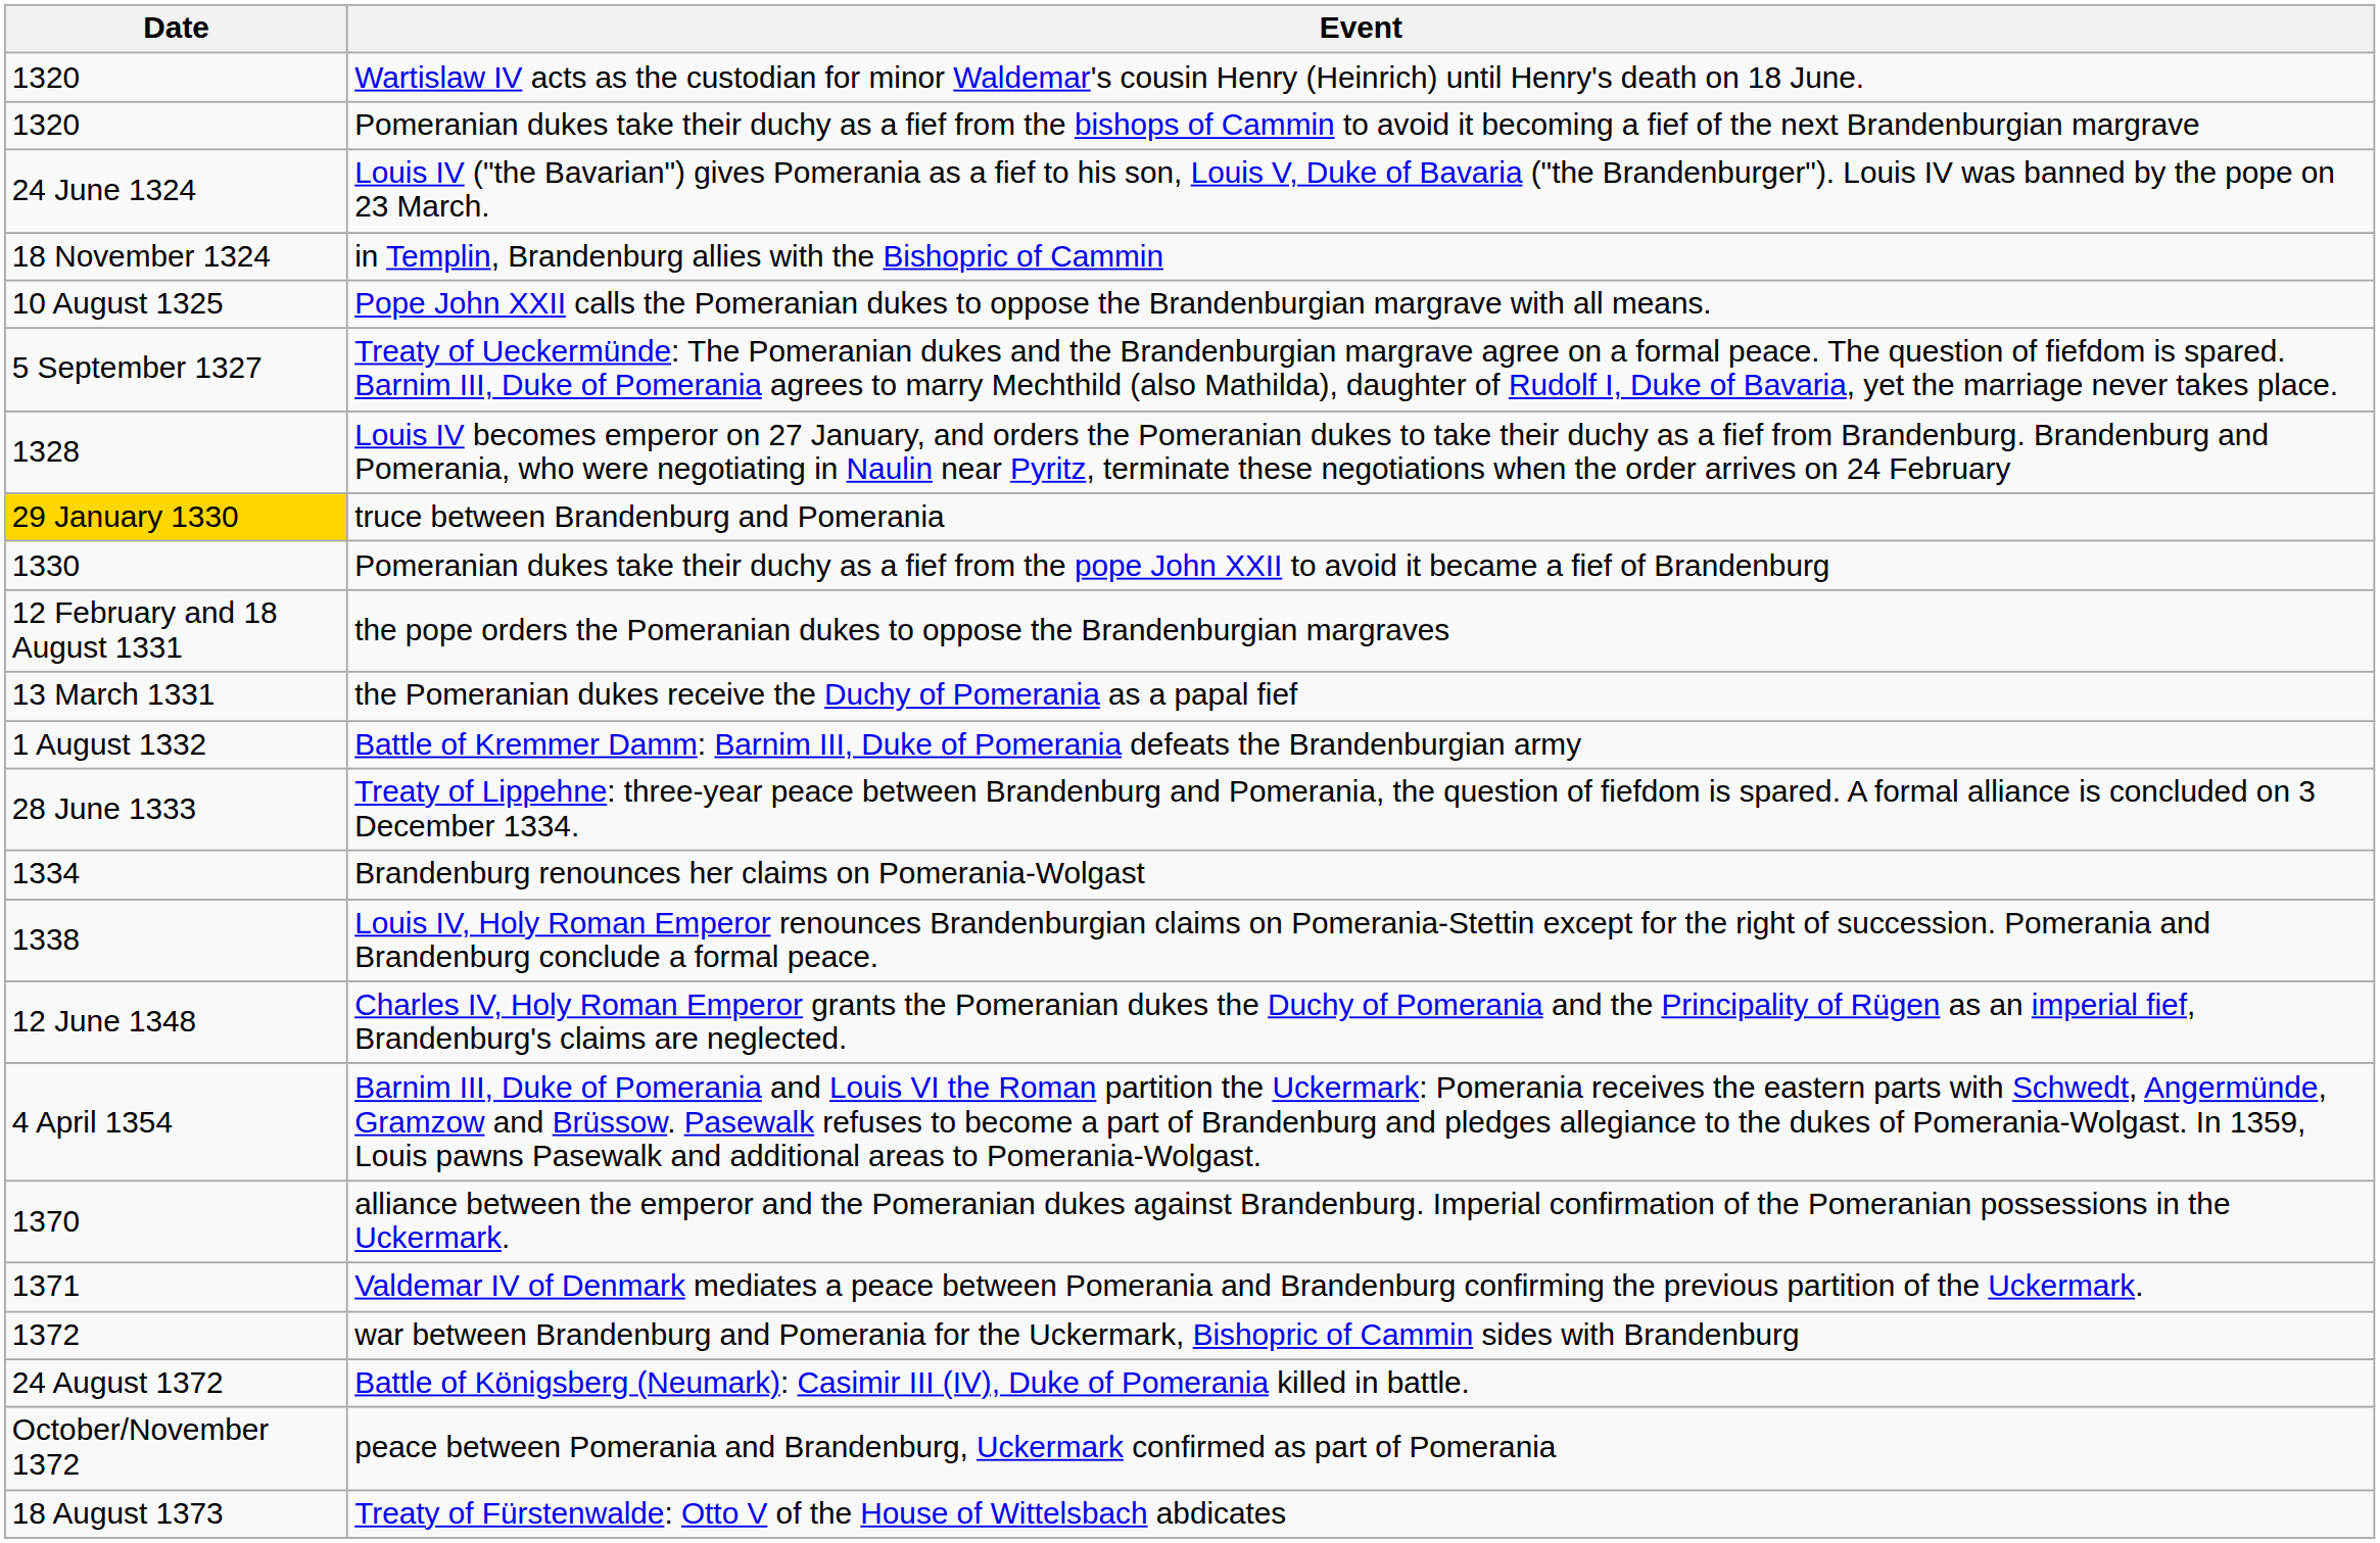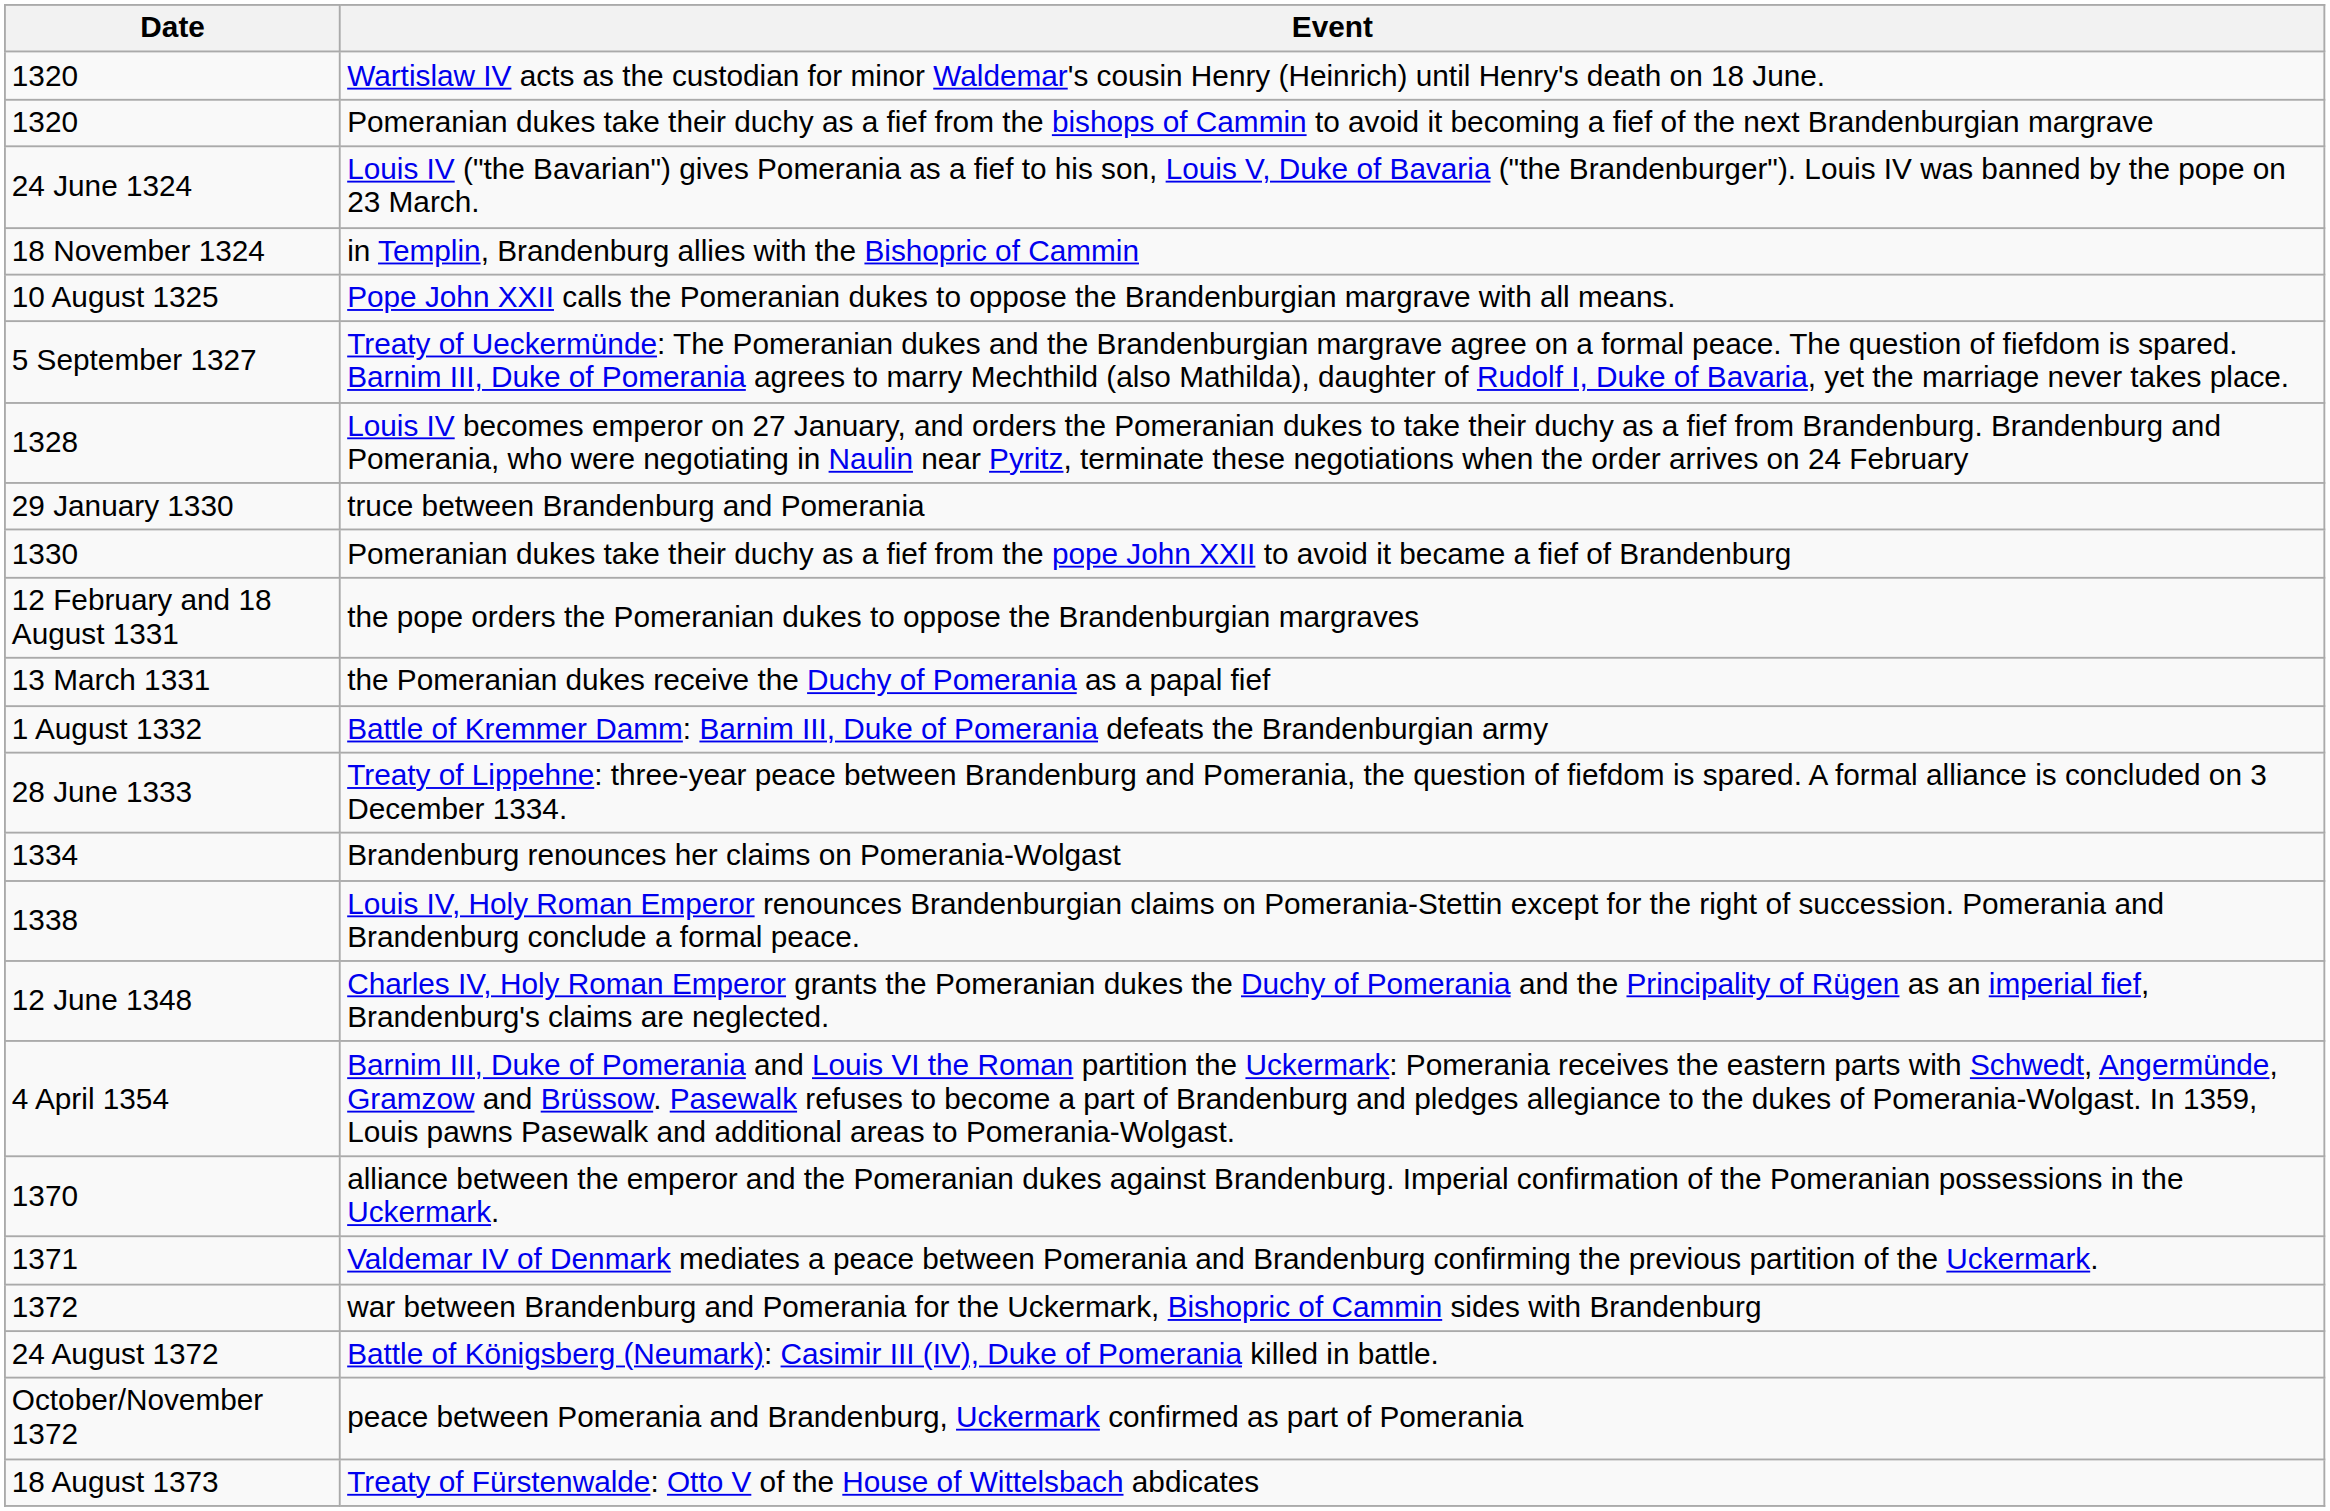 <table class=wikitable>
 <tr>
 <th>Date</th>
 <th>Event</th>
 </tr>
 <tr>
 <td>1320</td>
 <td><a href='#'>Wartislaw IV</a> acts as the custodian for minor <a href='#'>Waldemar</a>'s cousin Henry (Heinrich) until Henry's death on 18 June.</td>
 </tr>
 <tr>
 <td>1320</td>
 <td>Pomeranian dukes take their duchy as a fief from the <a href='#'>bishops of Cammin</a> to avoid it becoming a fief of the next Brandenburgian margrave</td>
 </tr>
 <tr>
 <td>24 June 1324</td>
 <td><a href='#'>Louis IV</a> ("the Bavarian") gives Pomerania as a fief to his son, <a href='#'>Louis V, Duke of Bavaria</a> ("the Brandenburger"). Louis IV was banned by the pope on 23 March.</td>
 </tr>
 <tr>
 <td>18 November 1324</td>
 <td>in <a href='#'>Templin</a>, Brandenburg allies with the <a href='#'>Bishopric of Cammin</a></td>
 </tr>
 <tr>
 <td>10 August 1325</td>
 <td><a href='#'>Pope John XXII</a> calls the Pomeranian dukes to oppose the Brandenburgian margrave with all means.</td>
 </tr>
 <tr>
 <td>5 September 1327</td>
 <td><a href='#'>Treaty of Ueckermünde</a>: The Pomeranian dukes and the Brandenburgian margrave agree on a formal peace. The question of fiefdom is spared. <a href='#'>Barnim III, Duke of Pomerania</a> agrees to marry Mechthild (also Mathilda), daughter of <a href='#'>Rudolf I, Duke of Bavaria</a>, yet the marriage never takes place.</td>
 </tr>
 <tr>
 <td>1328</td>
 <td><a href='#'>Louis IV</a> becomes emperor on 27 January, and orders the Pomeranian dukes to take their duchy as a fief from Brandenburg. Brandenburg and Pomerania, who were negotiating in <a href='#'>Naulin</a> near <a href='#'>Pyritz</a>, terminate these negotiations when the order arrives on 24 February</td>
 </tr>
 <tr>
-<td style="background: gold;">29 January 1330</td>
+<td>29 January 1330</td>
 <td>truce between Brandenburg and Pomerania</td>
 </tr>
 <tr>
 <td>1330</td>
 <td>Pomeranian dukes take their duchy as a fief from the <a href='#'>pope John XXII</a> to avoid it became a fief of Brandenburg</td>
 </tr>
 <tr>
 <td>12 February and 18 August 1331</td>
 <td>the pope orders the Pomeranian dukes to oppose the Brandenburgian margraves</td>
 </tr>
 <tr>
 <td>13 March 1331</td>
 <td>the Pomeranian dukes receive the <a href='#'>Duchy of Pomerania</a> as a papal fief</td>
 </tr>
 <tr>
 <td>1 August 1332</td>
 <td><a href='#'>Battle of Kremmer Damm</a>: <a href='#'>Barnim III, Duke of Pomerania</a> defeats the Brandenburgian army</td>
 </tr>
 <tr>
 <td>28 June 1333</td>
 <td><a href='#'>Treaty of Lippehne</a>: three-year peace between Brandenburg and Pomerania, the question of fiefdom is spared. A formal alliance is concluded on 3 December 1334.</td>
 </tr>
 <tr>
 <td>1334</td>
 <td>Brandenburg renounces her claims on Pomerania-Wolgast</td>
 </tr>
 <tr>
 <td>1338</td>
 <td><a href='#'>Louis IV, Holy Roman Emperor</a> renounces Brandenburgian claims on Pomerania-Stettin except for the right of succession. Pomerania and Brandenburg conclude a formal peace.</td>
 </tr>
 <tr>
 <td>12 June 1348</td>
 <td><a href='#'>Charles IV, Holy Roman Emperor</a> grants the Pomeranian dukes the <a href='#'>Duchy of Pomerania</a> and the <a href='#'>Principality of Rügen</a> as an <a href='#'>imperial fief</a>, Brandenburg's claims are neglected.</td>
 </tr>
 <tr>
 <td>4 April 1354</td>
 <td><a href='#'>Barnim III, Duke of Pomerania</a> and <a href='#'>Louis VI the Roman</a> partition the <a href='#'>Uckermark</a>: Pomerania receives the eastern parts with <a href='#'>Schwedt</a>, <a href='#'>Angermünde</a>, <a href='#'>Gramzow</a> and <a href='#'>Brüssow</a>. <a href='#'>Pasewalk</a> refuses to become a part of Brandenburg and pledges allegiance to the dukes of Pomerania-Wolgast. In 1359, Louis pawns Pasewalk and additional areas to Pomerania-Wolgast.</td>
 </tr>
 <tr>
 <td>1370</td>
 <td>alliance between the emperor and the Pomeranian dukes against Brandenburg. Imperial confirmation of the Pomeranian possessions in the <a href='#'>Uckermark</a>.</td>
 </tr>
 <tr>
 <td>1371</td>
 <td><a href='#'>Valdemar IV of Denmark</a> mediates a peace between Pomerania and Brandenburg confirming the previous partition of the <a href='#'>Uckermark</a>.</td>
 </tr>
 <tr>
 <td>1372</td>
 <td>war between Brandenburg and Pomerania for the Uckermark, <a href='#'>Bishopric of Cammin</a> sides with Brandenburg</td>
 </tr>
 <tr>
 <td>24 August 1372</td>
 <td><a href='#'>Battle of Königsberg (Neumark)</a>: <a href='#'>Casimir III (IV), Duke of Pomerania</a> killed in battle.</td>
 </tr>
 <tr>
 <td>October/November 1372</td>
 <td>peace between Pomerania and Brandenburg, <a href='#'>Uckermark</a> confirmed as part of Pomerania</td>
 </tr>
 <tr>
 <td>18 August 1373</td>
 <td><a href='#'>Treaty of Fürstenwalde</a>: <a href='#'>Otto V</a> of the <a href='#'>House of Wittelsbach</a> abdicates</td>
 </tr>
 </table>
